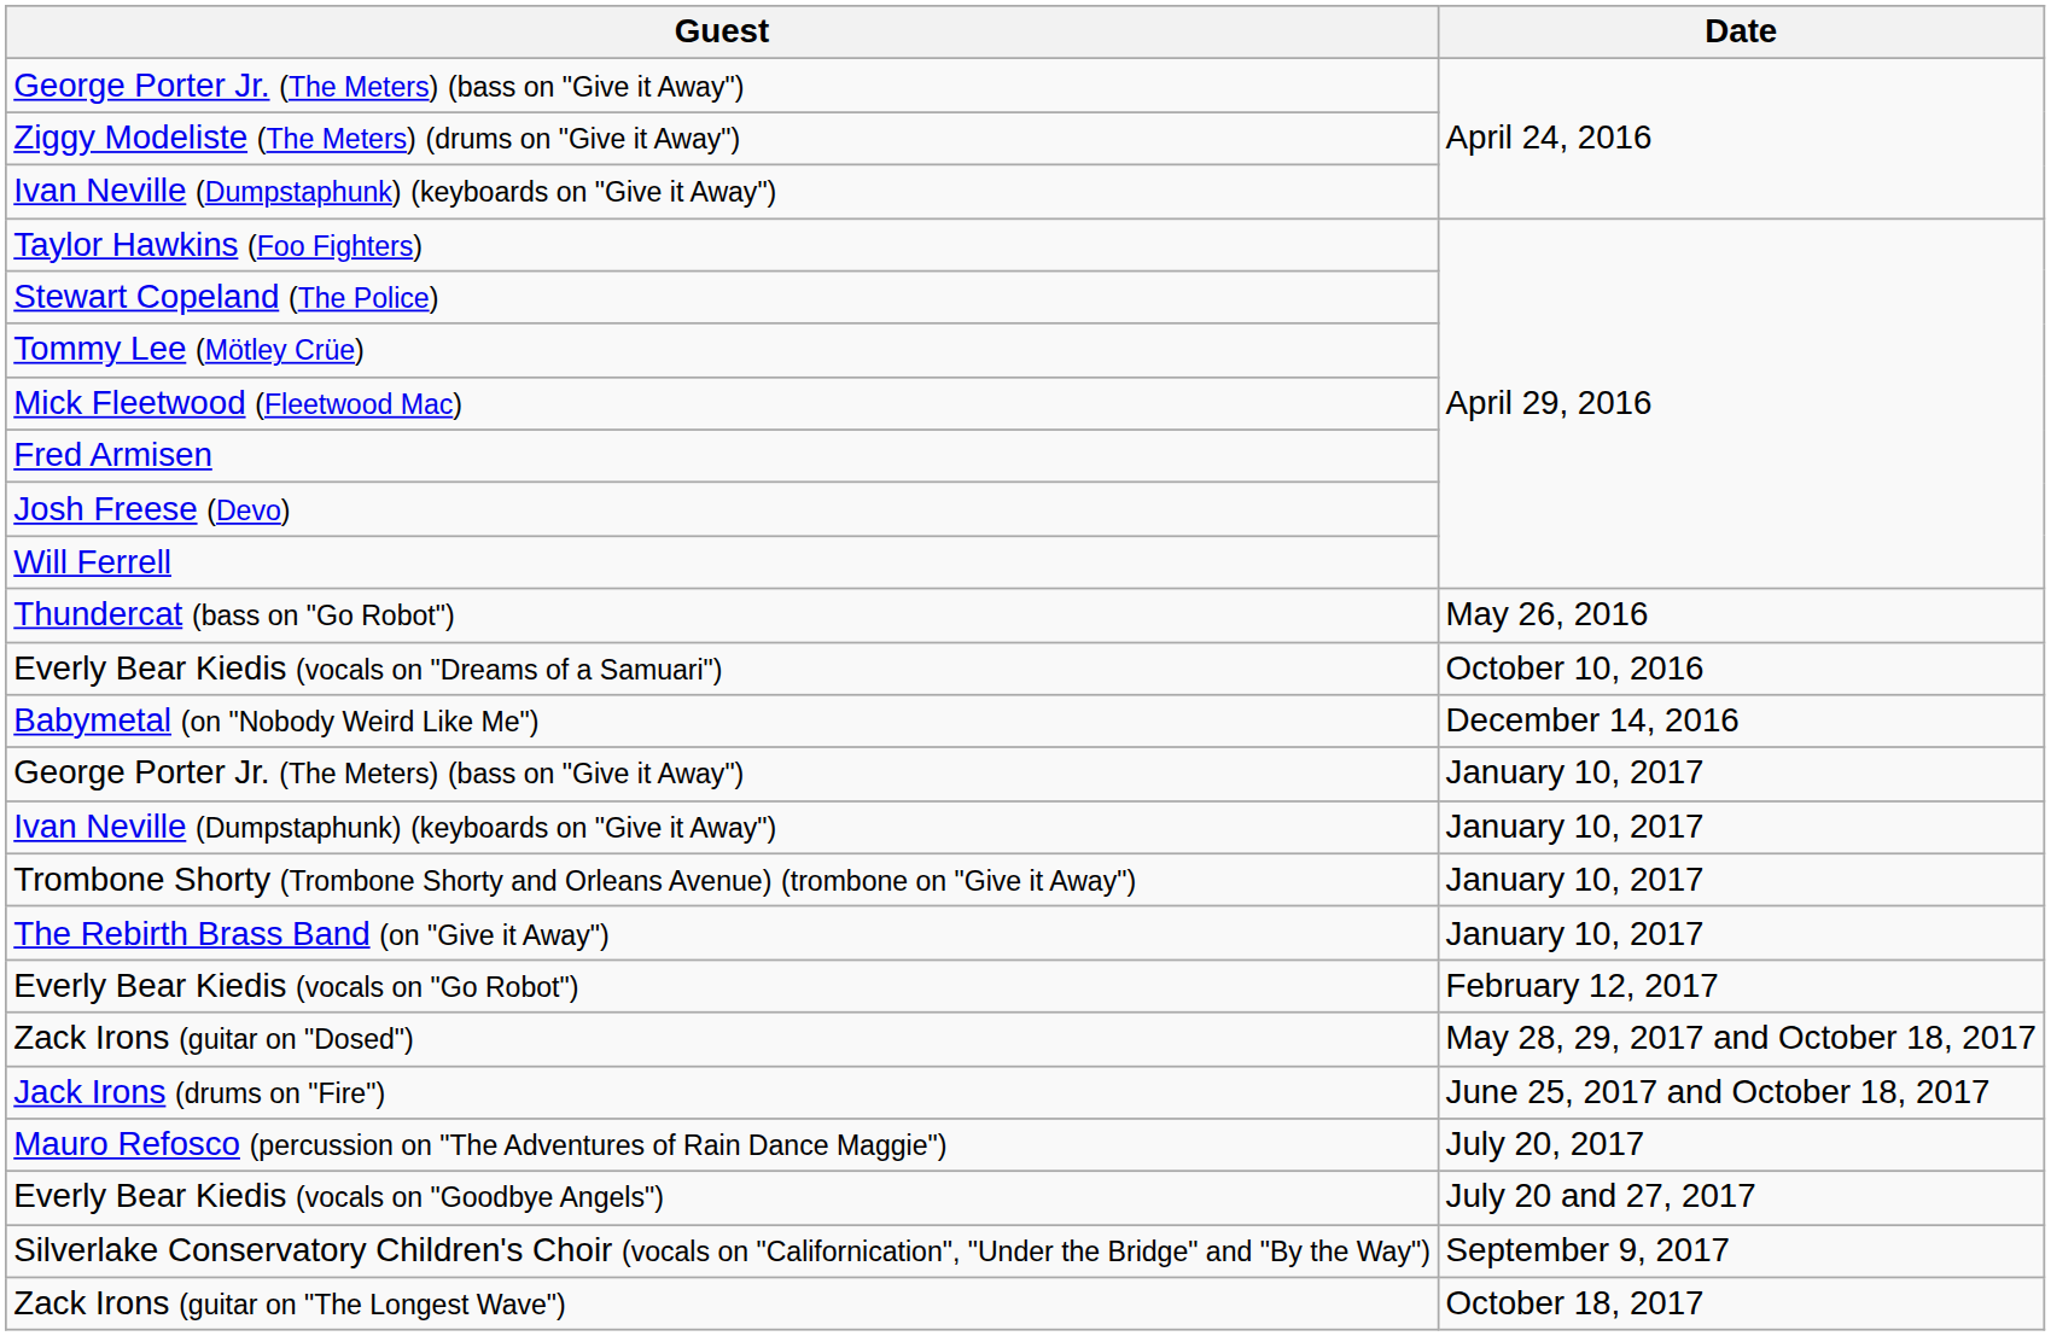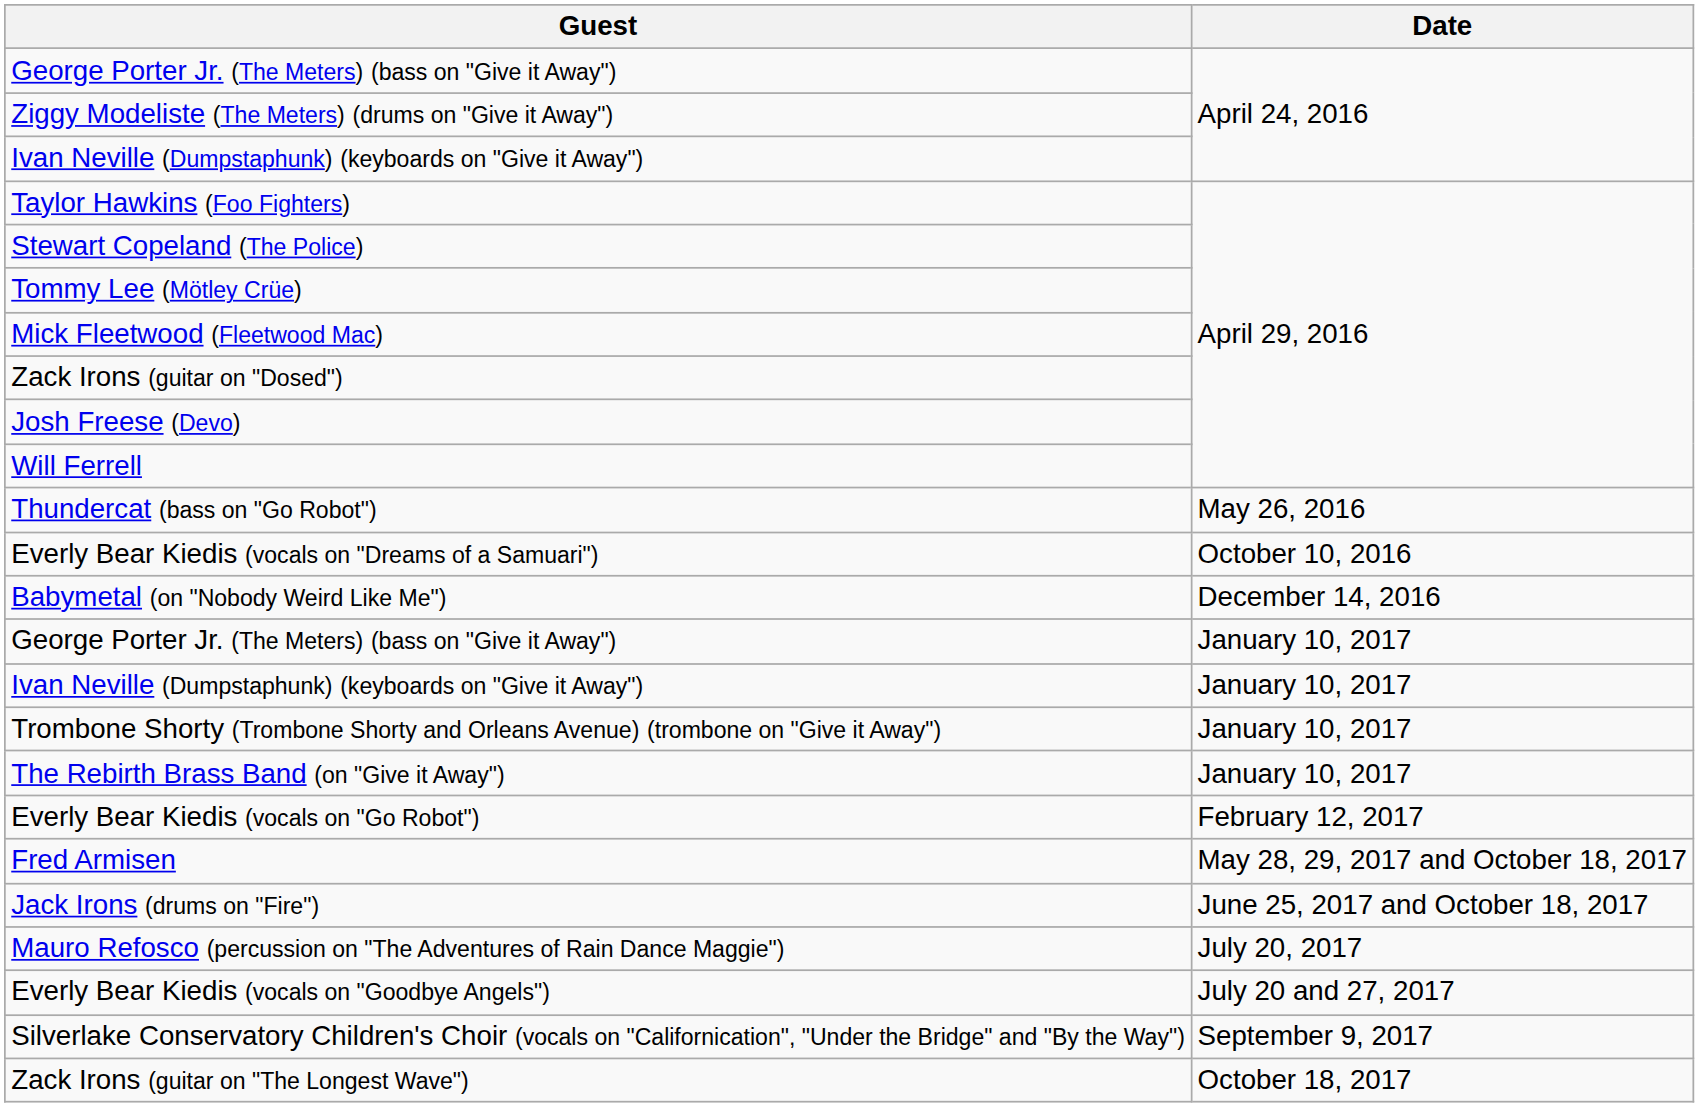 <table class="wikitable sortable">
 <tr>
 <th>Guest</th>
 <th>Date</th>
 </tr>
 <tr>
 <td><a href='#'>George Porter Jr.</a> <small>(<a href='#'>The Meters</a>)</small> <small>(bass on "Give it Away")</small></td>
 <td rowspan="3">April 24, 2016</td>
 </tr>
 <tr>
 <td><a href='#'>Ziggy Modeliste</a> <small>(<a href='#'>The Meters</a>)</small> <small>(drums on "Give it Away")</small></td>
 </tr>
 <tr>
 <td><a href='#'>Ivan Neville</a> <small>(<a href='#'>Dumpstaphunk</a>)</small> <small>(keyboards on "Give it Away")</small></td>
 </tr>
 <tr>
 <td><a href='#'>Taylor Hawkins</a> <small>(<a href='#'>Foo Fighters</a>)</small></td>
 <td rowspan="7">April 29, 2016</td>
 </tr>
 <tr>
 <td><a href='#'>Stewart Copeland</a> <small>(<a href='#'>The Police</a>)</small></td>
 </tr>
 <tr>
 <td><a href='#'>Tommy Lee</a> <small>(<a href='#'>Mötley Crüe</a>)</small></td>
 </tr>
 <tr>
 <td><a href='#'>Mick Fleetwood</a> <small>(<a href='#'>Fleetwood Mac</a>)</small></td>
 </tr>
 <tr>
-<td><a href='#'>Fred Armisen</a></td>
+<td>Zack Irons <small>(guitar on "Dosed")</small></td>
 </tr>
 <tr>
 <td><a href='#'>Josh Freese</a> <small>(<a href='#'>Devo</a>)</small></td>
 </tr>
 <tr>
 <td><a href='#'>Will Ferrell</a></td>
 </tr>
 <tr>
 <td><a href='#'>Thundercat</a> <small>(bass on "Go Robot")</small></td>
 <td>May 26, 2016</td>
 </tr>
 <tr>
 <td>Everly Bear Kiedis <small>(vocals on "Dreams of a Samuari")</small></td>
 <td>October 10, 2016</td>
 </tr>
 <tr>
 <td><a href='#'>Babymetal</a> <small>(on "Nobody Weird Like Me")</small></td>
 <td>December 14, 2016</td>
 </tr>
 <tr>
 <td>George Porter Jr. <small>(The Meters)</small> <small>(bass on "Give it Away")</small></td>
 <td>January 10, 2017</td>
 </tr>
 <tr>
 <td><a href='#'>Ivan Neville</a> <small>(Dumpstaphunk)</small> <small>(keyboards on "Give it Away")</small></td>
 <td>January 10, 2017</td>
 </tr>
 <tr>
 <td>Trombone Shorty <small>(Trombone Shorty and Orleans Avenue)</small> <small>(trombone on "Give it Away")</small></td>
 <td>January 10, 2017</td>
 </tr>
 <tr>
 <td><a href='#'>The Rebirth Brass Band</a>  <small>(on "Give it Away")</small></td>
 <td>January 10, 2017</td>
 </tr>
 <tr>
 <td>Everly Bear Kiedis <small>(vocals on "Go Robot")</small></td>
 <td>February 12, 2017</td>
 </tr>
 <tr>
-<td>Zack Irons <small>(guitar on "Dosed")</small></td>
+<td><a href='#'>Fred Armisen</a></td>
 <td>May 28, 29, 2017 and October 18, 2017</td>
 </tr>
 <tr>
 <td><a href='#'>Jack Irons</a> <small>(drums on "Fire")</small></td>
 <td>June 25, 2017 and October 18, 2017</td>
 </tr>
 <tr>
 <td><a href='#'>Mauro Refosco</a> <small>(percussion on "The Adventures of Rain Dance Maggie")</small></td>
 <td>July 20, 2017</td>
 </tr>
 <tr>
 <td>Everly Bear Kiedis <small>(vocals on "Goodbye Angels")</small></td>
 <td>July 20 and 27, 2017</td>
 </tr>
 <tr>
 <td>Silverlake Conservatory Children's Choir <small>(vocals on "Californication", "Under the Bridge" and "By the Way")</small></td>
 <td>September 9, 2017</td>
 </tr>
 <tr>
 <td>Zack Irons <small>(guitar on "The Longest Wave")</small></td>
 <td>October 18, 2017</td>
 </tr>
 </table>
